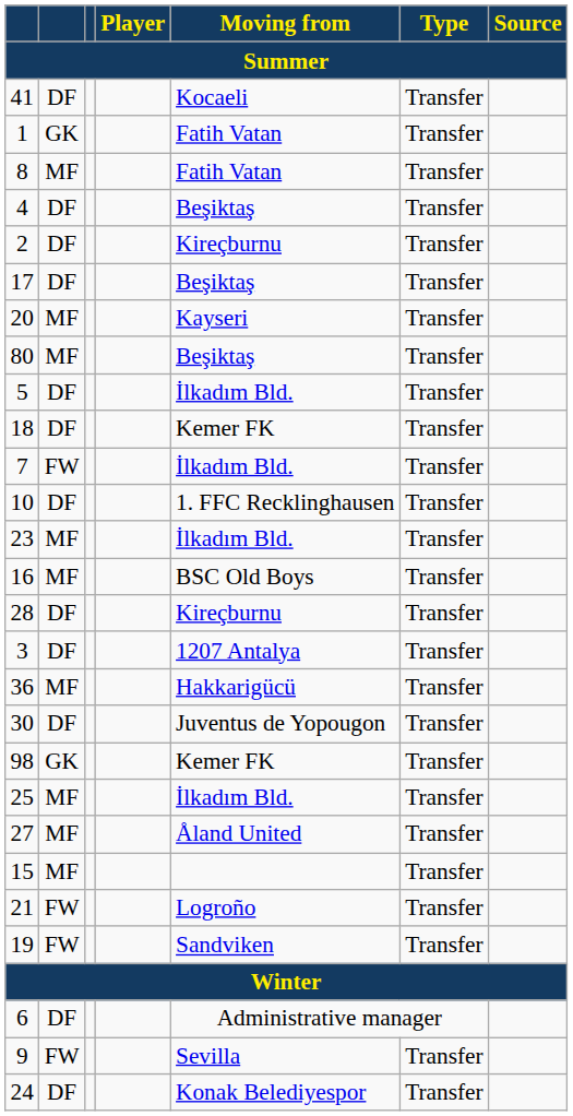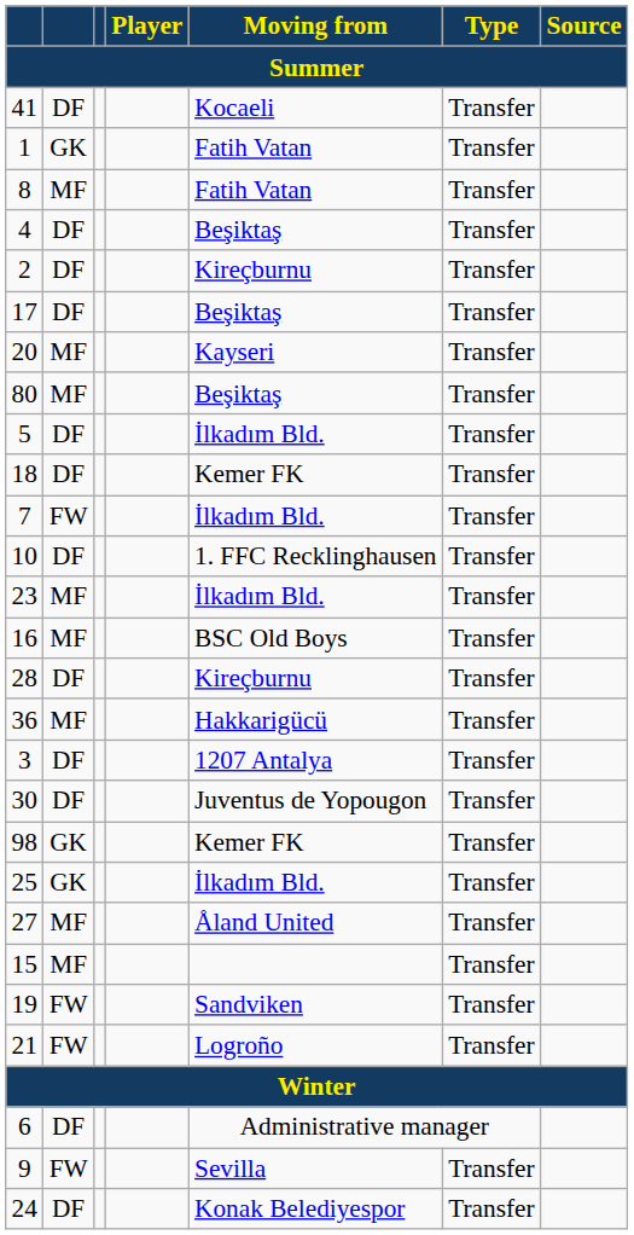 <table class="wikitable plainrowheaders sortable" style="text-align:center">
 <tr>
 <th style="background:#133A61; color:#FFED00; "></th>
 <th style="background:#133A61; color:#FFED00; "></th>
 <th style="background:#133A61; color:#FFED00; "></th>
 <th style="background:#133A61; color:#FFED00; ">Player</th>
 <th style="background:#133A61; color:#FFED00; ">Moving from</th>
 <th style="background:#133A61; color:#FFED00; ">Type</th>
 <th style="background:#133A61; color:#FFED00; ">Source</th>
 </tr>
 <tr>
 <th colspan=7 style="background:#133A61; color:#FFED00; ">Summer</th>
 </tr>
 <tr>
 <td>41</td>
 <td>DF</td>
 <td></td>
 <td align=left></td>
 <td align=left><a href='#'>Kocaeli</a></td>
 <td>Transfer</td>
 <td></td>
 </tr>
 <tr>
 <td>1</td>
 <td>GK</td>
 <td></td>
 <td align=left></td>
 <td align=left><a href='#'>Fatih Vatan</a></td>
 <td>Transfer</td>
 <td></td>
 </tr>
 <tr>
 <td>8</td>
 <td>MF</td>
 <td></td>
 <td align=left></td>
 <td align=left><a href='#'>Fatih Vatan</a></td>
 <td>Transfer</td>
 <td></td>
 </tr>
 <tr>
 <td>4</td>
 <td>DF</td>
 <td></td>
 <td align=left></td>
 <td align=left><a href='#'>Beşiktaş</a></td>
 <td>Transfer</td>
 <td></td>
 </tr>
 <tr>
 <td>2</td>
 <td>DF</td>
 <td></td>
 <td align=left></td>
 <td align=left><a href='#'>Kireçburnu</a></td>
 <td>Transfer</td>
 <td></td>
 </tr>
 <tr>
 <td>17</td>
 <td>DF</td>
 <td></td>
 <td align=left></td>
 <td align=left><a href='#'>Beşiktaş</a></td>
 <td>Transfer</td>
 <td></td>
 </tr>
 <tr>
 <td>20</td>
 <td>MF</td>
 <td></td>
 <td align=left></td>
 <td align=left><a href='#'>Kayseri</a></td>
 <td>Transfer</td>
 <td></td>
 </tr>
 <tr>
 <td>80</td>
 <td>MF</td>
 <td></td>
 <td align=left></td>
 <td align=left><a href='#'>Beşiktaş</a></td>
 <td>Transfer</td>
 <td></td>
 </tr>
 <tr>
 <td>5</td>
 <td>DF</td>
 <td></td>
 <td align=left></td>
 <td align=left><a href='#'>İlkadım Bld.</a></td>
 <td>Transfer</td>
 <td></td>
 </tr>
 <tr>
 <td>18</td>
 <td>DF</td>
 <td></td>
 <td align=left></td>
 <td align=left>Kemer FK</td>
 <td>Transfer</td>
 <td></td>
 </tr>
 <tr>
 <td>7</td>
 <td>FW</td>
 <td></td>
 <td align=left></td>
 <td align=left><a href='#'>İlkadım Bld.</a></td>
 <td>Transfer</td>
 <td></td>
 </tr>
 <tr>
 <td>10</td>
 <td>DF</td>
 <td></td>
 <td align=left></td>
 <td align=left> 1. FFC Recklinghausen</td>
 <td>Transfer</td>
 <td></td>
 </tr>
 <tr>
 <td>23</td>
 <td>MF</td>
 <td></td>
 <td align=left></td>
 <td align=left><a href='#'>İlkadım Bld.</a></td>
 <td>Transfer</td>
 <td></td>
 </tr>
 <tr>
 <td>16</td>
 <td>MF</td>
 <td></td>
 <td align=left></td>
 <td align=left> BSC Old Boys</td>
 <td>Transfer</td>
 <td></td>
 </tr>
 <tr>
 <td>28</td>
 <td>DF</td>
 <td></td>
 <td align=left></td>
 <td align=left><a href='#'>Kireçburnu</a></td>
 <td>Transfer</td>
 <td></td>
 </tr>
 <tr>
+<td>36</td>
+<td>MF</td>
+<td></td>
+<td align=left></td>
+<td align=left><a href='#'>Hakkarigücü</a></td>
+<td>Transfer</td>
+<td></td>
+</tr>
+<tr>
 <td>3</td>
 <td>DF</td>
 <td></td>
 <td align=left></td>
 <td align=left><a href='#'>1207 Antalya</a></td>
-<td>Transfer</td>
-<td></td>
-</tr>
-<tr>
-<td>36</td>
-<td>MF</td>
-<td></td>
-<td align=left></td>
-<td align=left><a href='#'>Hakkarigücü</a></td>
 <td>Transfer</td>
 <td></td>
 </tr>
 <tr>
 <td>30</td>
 <td>DF</td>
 <td></td>
 <td align=left></td>
 <td align=left> Juventus de Yopougon</td>
 <td>Transfer</td>
 <td></td>
 </tr>
 <tr>
 <td>98</td>
 <td>GK</td>
 <td></td>
 <td align=left></td>
 <td align=left>Kemer FK</td>
 <td>Transfer</td>
 <td></td>
 </tr>
 <tr>
 <td>25</td>
-<td>MF</td>
+<td>GK</td>
 <td></td>
 <td align=left></td>
 <td align=left><a href='#'>İlkadım Bld.</a></td>
 <td>Transfer</td>
 <td></td>
 </tr>
 <tr>
 <td>27</td>
 <td>MF</td>
 <td></td>
 <td align=left></td>
 <td align=left> <a href='#'>Åland United</a></td>
 <td>Transfer</td>
 <td></td>
 </tr>
 <tr>
 <td>15</td>
 <td>MF</td>
 <td></td>
 <td align=left></td>
 <td align=left></td>
 <td>Transfer</td>
 <td></td>
 </tr>
 <tr>
+<td>19</td>
+<td>FW</td>
+<td></td>
+<td align=left></td>
+<td align=left> <a href='#'>Sandviken</a></td>
+<td>Transfer</td>
+<td></td>
+</tr>
+<tr>
 <td>21</td>
 <td>FW</td>
 <td></td>
 <td align=left></td>
 <td align=left> <a href='#'>Logroño</a></td>
-<td>Transfer</td>
-<td></td>
-</tr>
-<tr>
-<td>19</td>
-<td>FW</td>
-<td></td>
-<td align=left></td>
-<td align=left> <a href='#'>Sandviken</a></td>
 <td>Transfer</td>
 <td></td>
 </tr>
 <tr>
 <th colspan=7 style="background:#133A61; color:#FFED00; ">Winter</th>
 </tr>
 <tr>
 <td>6</td>
 <td>DF</td>
 <td></td>
 <td align=left></td>
 <td colspan="2">Administrative manager</td>
 <td></td>
 </tr>
 <tr>
 <td>9</td>
 <td>FW</td>
 <td></td>
 <td align=left></td>
 <td align=left> <a href='#'>Sevilla</a></td>
 <td>Transfer</td>
 <td></td>
 </tr>
 <tr>
 <td>24</td>
 <td>DF</td>
 <td></td>
 <td align=left></td>
 <td align=left><a href='#'>Konak Belediyespor</a></td>
 <td>Transfer</td>
 <td></td>
 </tr>
 </table>
